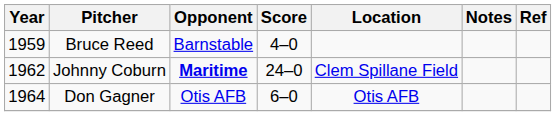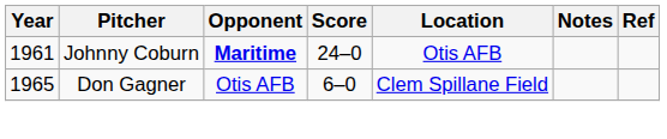 <table class="wikitable" style="text-align:center">
 <tr>
 <th scope="col">Year</th>
 <th scope="col">Pitcher</th>
 <th scope="col">Opponent</th>
 <th scope="col">Score</th>
 <th scope="col">Location</th>
 <th scope="col">Notes</th>
 <th scope="col">Ref</th>
 </tr>
 <tr>
-<td>1959</td>
-<td>Bruce Reed</td>
-<td><a href='#'>Barnstable</a></td>
-<td>4–0</td>
-<td></td>
+<td>1961</td>
+<td>Johnny Coburn</td>
+<td><strong><a href='#'>Maritime</a></strong></td>
+<td>24–0</td>
+<td><a href='#'>Otis AFB</a></td>
 <td></td>
 <td></td>
 </tr>
 <tr>
-<td>1962</td>
-<td>Johnny Coburn</td>
-<td><strong><a href='#'>Maritime</a></strong></td>
-<td>24–0</td>
-<td><a href='#'>Clem Spillane Field</a></td>
-<td></td>
-<td></td>
-</tr>
-<tr>
-<td>1964</td>
+<td>1965</td>
 <td>Don Gagner</td>
 <td><a href='#'>Otis AFB</a></td>
 <td>6–0</td>
-<td><a href='#'>Otis AFB</a></td>
+<td><a href='#'>Clem Spillane Field</a></td>
 <td></td>
 <td></td>
 </tr>
 <tr>
 </tr>
 </table>
